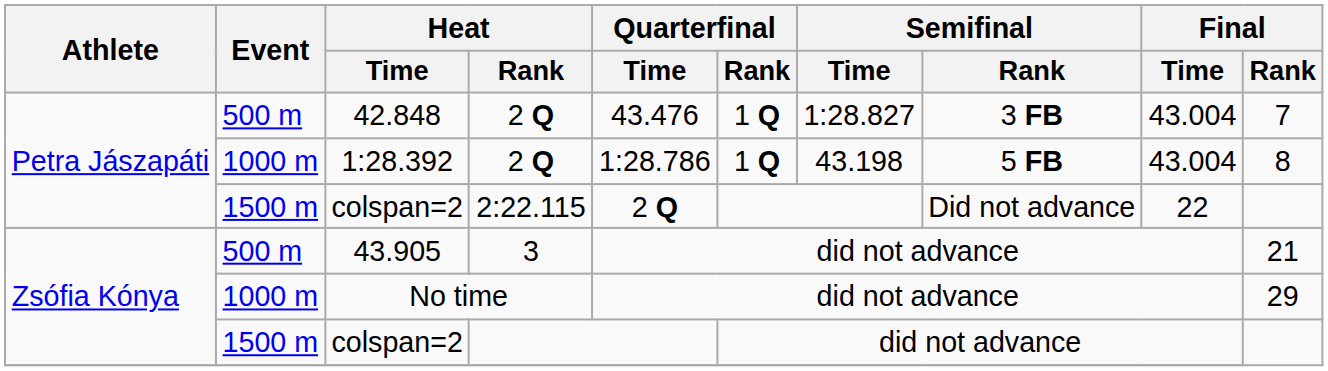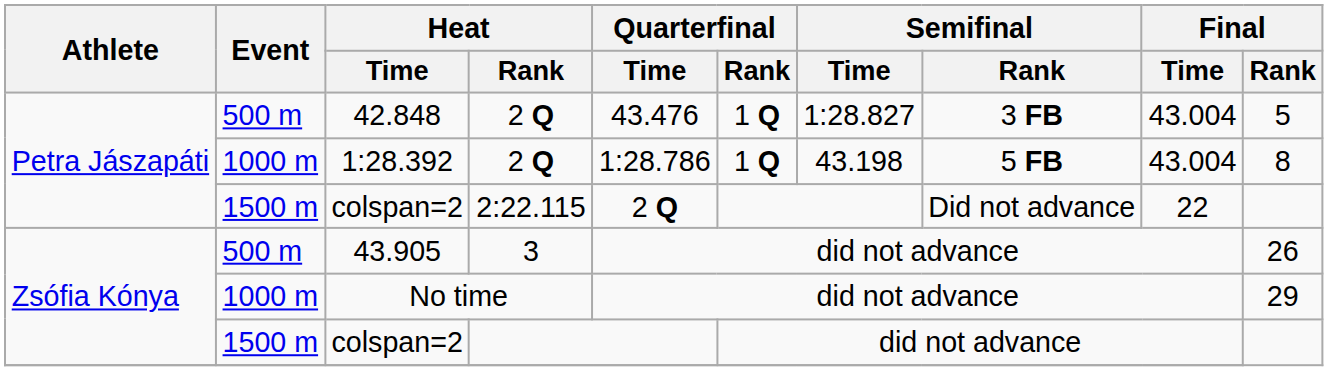 <table class=wikitable style="font-size:90%; text-align:center">
 <tr>
 <th rowspan=2>Athlete</th>
 <th rowspan=2>Event</th>
 <th colspan=2>Heat</th>
 <th colspan=2>Quarterfinal</th>
 <th colspan=2>Semifinal</th>
 <th colspan=2>Final</th>
 </tr>
 <tr style=font-size:95%>
 <th>Time</th>
 <th>Rank</th>
 <th>Time</th>
 <th>Rank</th>
 <th>Time</th>
 <th>Rank</th>
 <th>Time</th>
 <th>Rank</th>
 </tr>
 <tr>
 <td align=left rowspan=3><a href='#'>Petra Jászapáti</a></td>
 <td align=left><a href='#'>500 m</a></td>
 <td>42.848</td>
 <td>2 <strong>Q</strong></td>
 <td>43.476</td>
 <td>1 <strong>Q</strong></td>
 <td>1:28.827</td>
 <td>3 <strong>FB</strong></td>
 <td>43.004</td>
-<td>7</td>
+<td>5</td>
 </tr>
 <tr>
 <td align=left><a href='#'>1000 m</a></td>
 <td>1:28.392</td>
 <td>2 <strong>Q</strong></td>
 <td>1:28.786</td>
 <td>1 <strong>Q</strong></td>
 <td>43.198</td>
 <td>5 <strong>FB</strong></td>
 <td>43.004</td>
 <td>8</td>
 </tr>
 <tr>
 <td align=left><a href='#'>1500 m</a></td>
 <td>colspan=2 </td>
 <td>2:22.115</td>
 <td>2 <strong>Q</strong></td>
 <td colspan=2></td>
 <td>Did not advance</td>
 <td>22</td>
 </tr>
 <tr>
 <td align=left rowspan=3><a href='#'>Zsófia Kónya</a></td>
 <td align=left><a href='#'>500 m</a></td>
 <td>43.905</td>
 <td>3</td>
 <td colspan=5>did not advance</td>
-<td>21</td>
+<td>26</td>
 </tr>
 <tr>
 <td align=left><a href='#'>1000 m</a></td>
 <td colspan=2>No time</td>
 <td colspan=5>did not advance</td>
 <td>29</td>
 </tr>
 <tr>
 <td align=left><a href='#'>1500 m</a></td>
 <td>colspan=2 </td>
 <td colspan=2></td>
 <td colspan=4>did not advance</td>
 </tr>
 <tr>
 </tr>
 </table>
